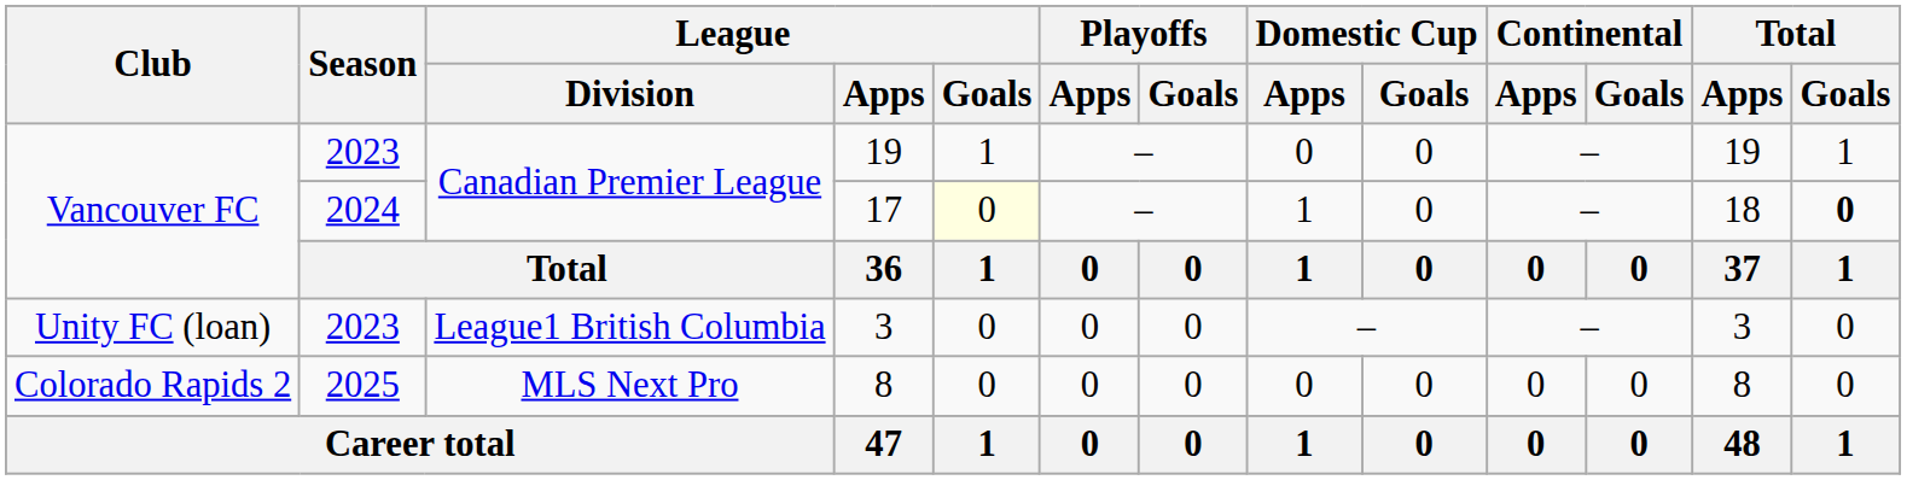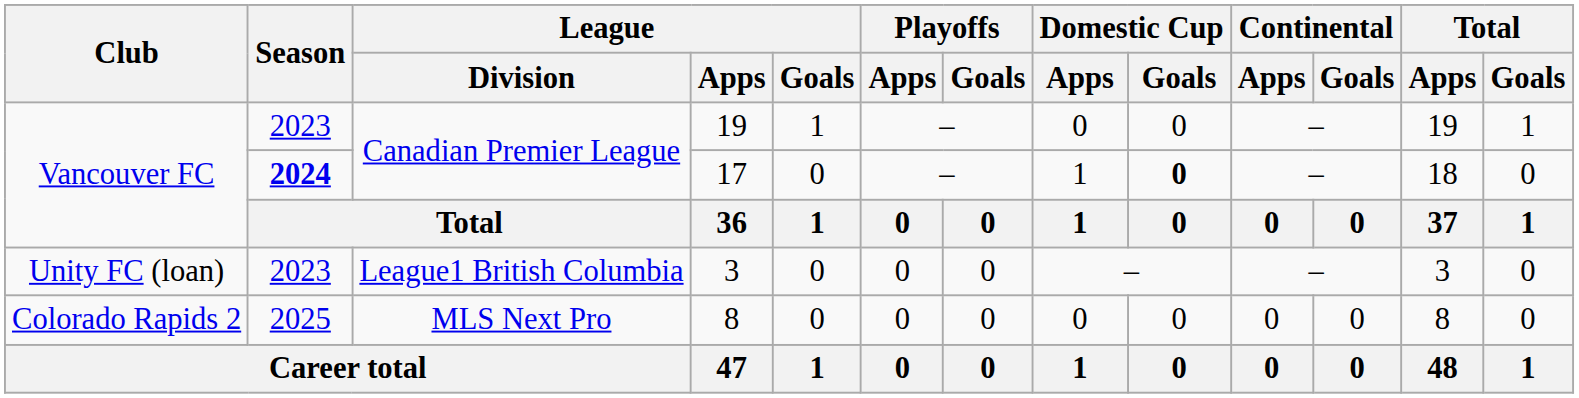 <table class="wikitable" style="text-align: center">
 <tr>
 <th rowspan="2">Club</th>
 <th rowspan="2">Season</th>
 <th colspan="3">League</th>
 <th colspan="2">Playoffs</th>
 <th colspan="2">Domestic Cup</th>
 <th colspan="2">Continental</th>
 <th colspan="2">Total</th>
 </tr>
 <tr>
 <th>Division</th>
 <th>Apps</th>
 <th>Goals</th>
 <th>Apps</th>
 <th>Goals</th>
 <th>Apps</th>
 <th>Goals</th>
 <th>Apps</th>
 <th>Goals</th>
 <th>Apps</th>
 <th>Goals</th>
 </tr>
 <tr>
 <td rowspan=3><a href='#'>Vancouver FC</a></td>
 <td><a href='#'>2023</a></td>
 <td rowspan=2><a href='#'>Canadian Premier League</a></td>
 <td>19</td>
 <td>1</td>
 <td colspan="2">–</td>
 <td>0</td>
 <td>0</td>
 <td colspan="2">–</td>
 <td>19</td>
 <td>1</td>
 </tr>
 <tr>
-<td><a href='#'>2024</a></td>
+<td><strong><a href='#'>2024</a></strong></td>
 <td>17</td>
-<td style="background: lightyellow;">0</td>
+<td>0</td>
 <td colspan="2">–</td>
 <td>1</td>
-<td>0</td>
+<td><strong>0</strong></td>
 <td colspan="2">–</td>
 <td>18</td>
-<td><strong>0</strong></td>
+<td>0</td>
 </tr>
 <tr>
 <th colspan="2">Total</th>
 <th>36</th>
 <th>1</th>
 <th>0</th>
 <th>0</th>
 <th>1</th>
 <th>0</th>
 <th>0</th>
 <th>0</th>
 <th>37</th>
 <th>1</th>
 </tr>
 <tr>
 <td><a href='#'>Unity FC</a> (loan)</td>
 <td><a href='#'>2023</a></td>
 <td><a href='#'>League1 British Columbia</a></td>
 <td>3</td>
 <td>0</td>
 <td>0</td>
 <td>0</td>
 <td colspan="2">–</td>
 <td colspan="2">–</td>
 <td>3</td>
 <td>0</td>
 </tr>
 <tr>
 <td><a href='#'>Colorado Rapids 2</a></td>
 <td><a href='#'>2025</a></td>
 <td><a href='#'>MLS Next Pro</a></td>
 <td>8</td>
 <td>0</td>
 <td>0</td>
 <td>0</td>
 <td>0</td>
 <td>0</td>
 <td>0</td>
 <td>0</td>
 <td>8</td>
 <td>0</td>
 </tr>
 <tr>
 <th colspan="3"><strong>Career total</strong></th>
 <th>47</th>
 <th>1</th>
 <th>0</th>
 <th>0</th>
 <th>1</th>
 <th>0</th>
 <th>0</th>
 <th>0</th>
 <th>48</th>
 <th>1</th>
 </tr>
 </table>
